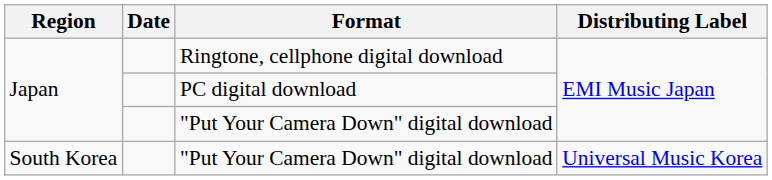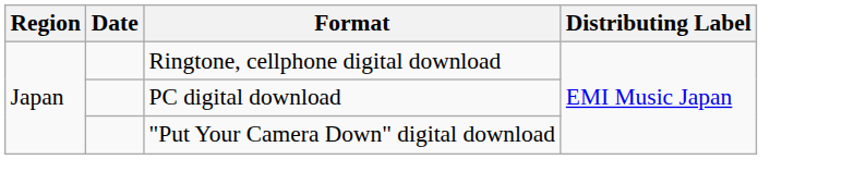 <table class="wikitable">
 <tr>
 <th>Region</th>
 <th>Date</th>
 <th>Format</th>
 <th>Distributing Label</th>
 </tr>
 <tr>
 <td rowspan="3">Japan</td>
 <td></td>
 <td>Ringtone, cellphone digital download</td>
 <td rowspan="3"><a href='#'>EMI Music Japan</a></td>
 </tr>
 <tr>
 <td></td>
 <td>PC digital download</td>
 </tr>
 <tr>
 <td></td>
 <td>"Put Your Camera Down" digital download</td>
 </tr>
-<tr>
-<td rowspan="1">South Korea</td>
-<td></td>
-<td>"Put Your Camera Down" digital download</td>
-<td rowspan="1"><a href='#'>Universal Music Korea</a></td>
-</tr>
 </table>
